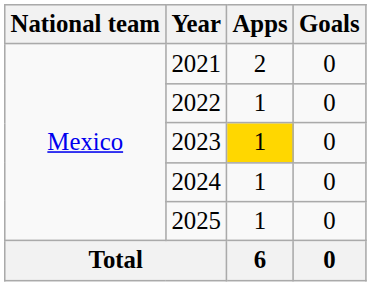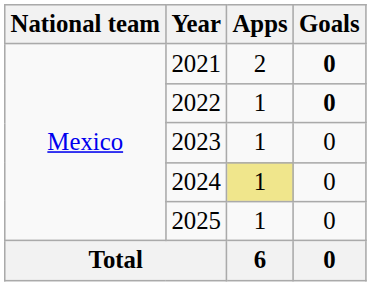 <table class="wikitable" style="text-align: center;">
 <tr>
 <th>National team</th>
 <th>Year</th>
 <th>Apps</th>
 <th>Goals</th>
 </tr>
 <tr>
 <td rowspan="5" valign="center"><a href='#'>Mexico</a></td>
 <td>2021</td>
 <td>2</td>
-<td>0</td>
+<td><strong>0</strong></td>
 </tr>
 <tr>
 <td>2022</td>
 <td>1</td>
-<td>0</td>
+<td><strong>0</strong></td>
 </tr>
 <tr>
 <td>2023</td>
-<td style="background: gold;">1</td>
+<td>1</td>
 <td>0</td>
 </tr>
 <tr>
 <td>2024</td>
-<td>1</td>
+<td style="background: khaki;">1</td>
 <td>0</td>
 </tr>
 <tr>
 <td>2025</td>
 <td>1</td>
 <td>0</td>
 </tr>
 <tr>
 <th colspan="2">Total</th>
 <th>6</th>
 <th>0</th>
 </tr>
 </table>
